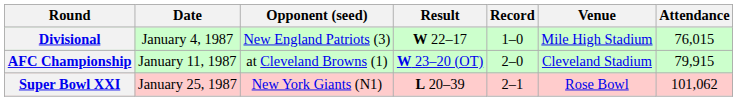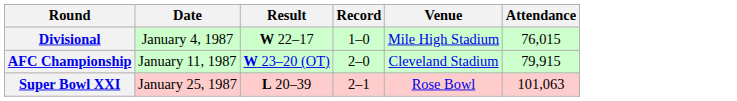 <table class="wikitable" style="text-align:center">
 <tr>
 <th>Round</th>
 <th>Date</th>
-<th>Opponent (seed)</th>
 <th>Result</th>
 <th>Record</th>
 <th>Venue</th>
 <th>Attendance</th>
 </tr>
 <tr style="background:#cfc">
 <th><a href='#'>Divisional</a></th>
 <td>January 4, 1987</td>
-<td><a href='#'>New England Patriots</a> (3)</td>
 <td><strong>W</strong> 22–17</td>
 <td>1–0</td>
 <td><a href='#'>Mile High Stadium</a></td>
 <td>76,015</td>
 </tr>
 <tr style="background:#cfc">
 <th><a href='#'>AFC Championship</a></th>
 <td>January 11, 1987</td>
-<td>at <a href='#'>Cleveland Browns</a> (1)</td>
 <td><a href='#'><strong>W</strong> 23–20 (OT)</a></td>
 <td>2–0</td>
 <td><a href='#'>Cleveland Stadium</a></td>
 <td>79,915</td>
 </tr>
 <tr style="background:#fcc">
 <th><a href='#'>Super Bowl XXI</a></th>
 <td>January 25, 1987</td>
-<td><a href='#'>New York Giants</a> (N1)</td>
 <td><strong>L</strong> 20–39</td>
 <td>2–1</td>
 <td><a href='#'>Rose Bowl</a></td>
-<td>101,062</td>
+<td>101,063</td>
 </tr>
 </table>
